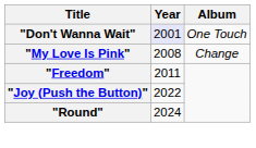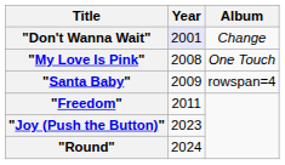 <table class="wikitable plainrowheaders" style="text-align:center;">
 <tr>
 <th scope="col">Title</th>
 <th scope="col">Year</th>
 <th scope="col">Album</th>
 </tr>
 <tr>
 <th scope="row">"Don't Wanna Wait"</th>
 <td style="background: lavender;">2001</td>
-<td><em>One Touch</em></td>
+<td><em>Change</em></td>
 </tr>
 <tr>
 <th scope="row">"<a href='#'>My Love Is Pink</a>"</th>
 <td>2008</td>
-<td><em>Change</em></td>
+<td><em>One Touch</em></td>
+</tr>
+<tr>
+<th scope="row">"<a href='#'>Santa Baby</a>"</th>
+<td>2009</td>
+<td>rowspan=4 </td>
 </tr>
 <tr>
 <th scope="row">"<a href='#'>Freedom</a>"</th>
 <td>2011</td>
 </tr>
 <tr>
 <th scope="row">"<a href='#'>Joy (Push the Button)</a>"<br></th>
-<td>2022</td>
+<td>2023</td>
 </tr>
 <tr>
 <th scope="row">"Round" </th>
 <td>2024</td>
 </tr>
 </table>
